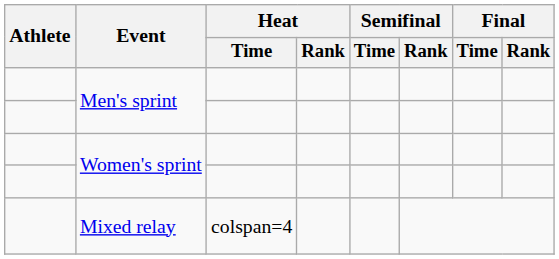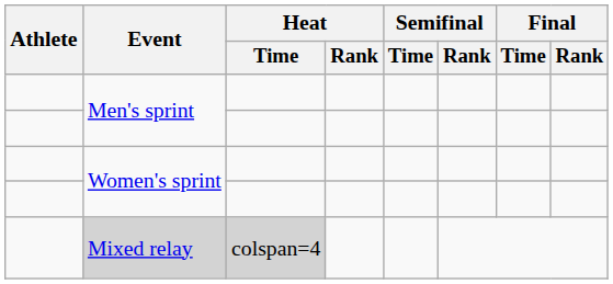 <table class="wikitable" style="font-size: 90%; text-align:center">
 <tr>
 <th rowspan=2>Athlete</th>
 <th rowspan=2>Event</th>
 <th colspan=2>Heat</th>
 <th colspan=2>Semifinal</th>
 <th colspan=2>Final</th>
 </tr>
 <tr style="font-size:95%">
 <th>Time</th>
 <th>Rank</th>
 <th>Time</th>
 <th>Rank</th>
 <th>Time</th>
 <th>Rank</th>
 </tr>
 <tr>
 <td align=left> </td>
 <td rowspan=2 align=left><a href='#'>Men's sprint</a></td>
 <td></td>
 <td></td>
 <td></td>
 <td></td>
 <td></td>
 <td></td>
 </tr>
 <tr>
 <td align=left> </td>
 <td></td>
 <td></td>
 <td></td>
 <td></td>
 <td></td>
 <td></td>
 </tr>
 <tr>
 <td align=left> </td>
 <td rowspan=2 align=left><a href='#'>Women's sprint</a></td>
 <td></td>
 <td></td>
 <td></td>
 <td></td>
 <td></td>
 <td></td>
 </tr>
 <tr>
 <td align=left> </td>
 <td></td>
 <td></td>
 <td></td>
 <td></td>
 <td></td>
 <td></td>
 </tr>
 <tr>
 <td align=left> <br> </td>
-<td align=left><a href='#'>Mixed relay</a></td>
-<td>colspan=4 </td>
+<td align=left style="background: lightgrey;"><a href='#'>Mixed relay</a></td>
+<td style="background: lightgrey;">colspan=4 </td>
 <td></td>
 <td></td>
 </tr>
 </table>
